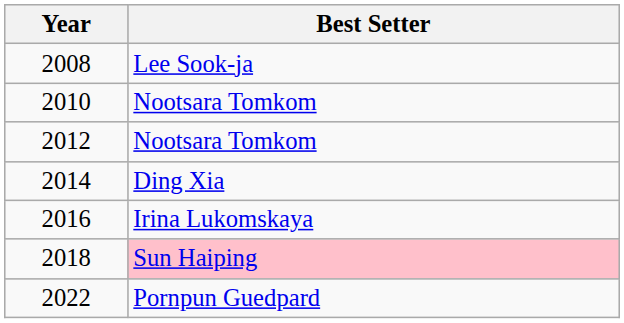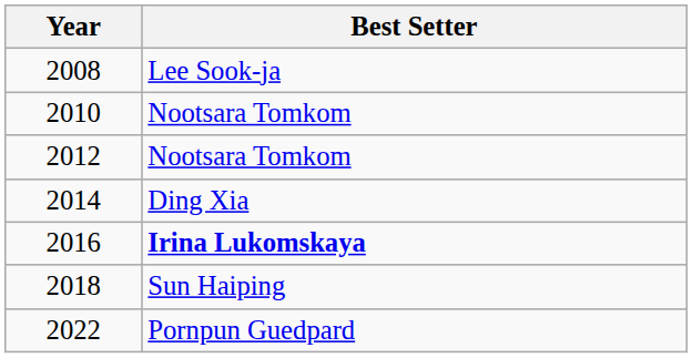 <table class="wikitable" style="width: 400px;">
 <tr>
 <th style="width: 20%;">Year</th>
 <th style="width: 80%;">Best Setter</th>
 </tr>
 <tr>
 <td align=center>2008</td>
 <td> <a href='#'>Lee Sook-ja</a></td>
 </tr>
 <tr>
 <td align=center>2010</td>
 <td> <a href='#'>Nootsara Tomkom</a></td>
 </tr>
 <tr>
 <td align=center>2012</td>
 <td> <a href='#'>Nootsara Tomkom</a></td>
 </tr>
 <tr>
 <td align=center>2014</td>
 <td> <a href='#'>Ding Xia</a></td>
 </tr>
 <tr>
 <td align=center>2016</td>
-<td> <a href='#'>Irina Lukomskaya</a></td>
+<td><strong> <a href='#'>Irina Lukomskaya</a></strong></td>
 </tr>
 <tr>
 <td align=center>2018</td>
-<td style="background: pink;"> <a href='#'>Sun Haiping</a></td>
+<td> <a href='#'>Sun Haiping</a></td>
 </tr>
 <tr>
 <td align=center>2022</td>
 <td> <a href='#'>Pornpun Guedpard</a></td>
 </tr>
 </table>
